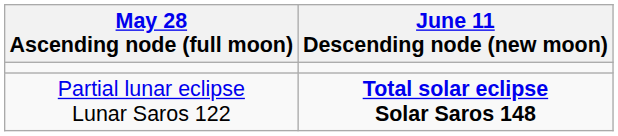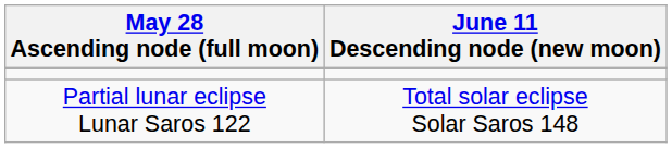 <table class="wikitable">
 <tr>
 <th><a href='#'>May 28</a><br>Ascending node (full moon)<br></th>
 <th><a href='#'>June 11</a><br>Descending node (new moon)<br></th>
 </tr>
 <tr>
 <td></td>
 <td></td>
 </tr>
 <tr align=center>
 <td><a href='#'>Partial lunar eclipse</a><br>Lunar Saros 122</td>
-<td><strong><a href='#'>Total solar eclipse</a><br>Solar Saros 148</strong></td>
+<td><a href='#'>Total solar eclipse</a><br>Solar Saros 148</td>
 </tr>
 </table>
